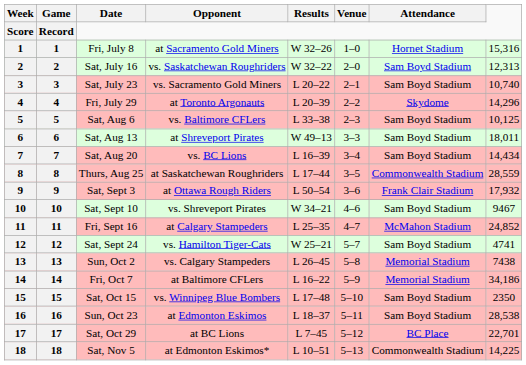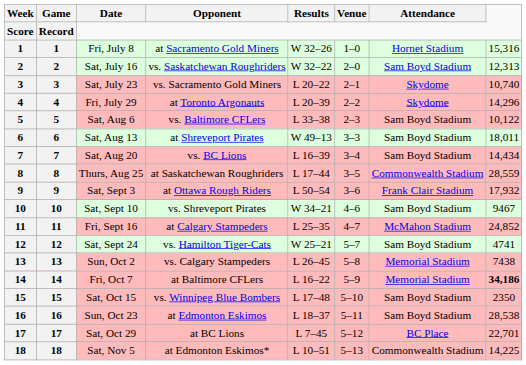 <table class="wikitable" style="text-align:center">
 <tr>
 <th>Week</th>
 <th>Game</th>
 <th>Date</th>
 <th>Opponent</th>
 <th>Results</th>
 <th>Venue</th>
 <th>Attendance</th>
 </tr>
 <tr>
 <th>Score</th>
 <th>Record</th>
 </tr>
 <tr style="background:#ddffdd">
 <th>1</th>
 <th>1</th>
 <td>Fri, July 8</td>
 <td>at <a href='#'>Sacramento Gold Miners</a></td>
 <td>W 32–26</td>
 <td>1–0</td>
 <td><a href='#'>Hornet Stadium</a></td>
 <td>15,316</td>
 </tr>
 <tr style="background:#ddffdd">
 <th>2</th>
 <th>2</th>
 <td>Sat, July 16</td>
 <td>vs. <a href='#'>Saskatchewan Roughriders</a></td>
 <td>W 32–22 </td>
 <td>2–0</td>
 <td><a href='#'>Sam Boyd Stadium</a></td>
 <td>12,313</td>
 </tr>
 <tr style="background:#ffbbbb">
 <th>3</th>
 <th>3</th>
 <td>Sat, July 23</td>
 <td>vs. Sacramento Gold Miners</td>
 <td>L 20–22</td>
 <td>2–1</td>
-<td>Sam Boyd Stadium</td>
+<td><a href='#'>Skydome</a></td>
 <td>10,740</td>
 </tr>
 <tr style="background:#ffbbbb">
 <th>4</th>
 <th>4</th>
 <td>Fri, July 29</td>
 <td>at <a href='#'>Toronto Argonauts</a></td>
 <td>L 20–39</td>
 <td>2–2</td>
 <td><a href='#'>Skydome</a></td>
 <td>14,296</td>
 </tr>
 <tr style="background:#ffbbbb">
 <th>5</th>
 <th>5</th>
 <td>Sat, Aug 6</td>
 <td>vs. <a href='#'>Baltimore CFLers</a></td>
 <td>L 33–38</td>
 <td>2–3</td>
 <td>Sam Boyd Stadium</td>
-<td>10,125</td>
+<td>10,122</td>
 </tr>
 <tr style="background:#ddffdd">
 <th>6</th>
 <th>6</th>
 <td>Sat, Aug 13</td>
 <td>at <a href='#'>Shreveport Pirates</a></td>
 <td>W 49–13</td>
 <td>3–3</td>
 <td>Sam Boyd Stadium</td>
 <td>18,011</td>
 </tr>
 <tr style="background:#ffbbbb">
 <th>7</th>
 <th>7</th>
 <td>Sat, Aug 20</td>
 <td>vs. <a href='#'>BC Lions</a></td>
 <td>L 16–39</td>
 <td>3–4</td>
 <td>Sam Boyd Stadium</td>
 <td>14,434</td>
 </tr>
 <tr style="background:#ffbbbb">
 <th>8</th>
 <th>8</th>
 <td>Thurs, Aug 25</td>
 <td>at Saskatchewan Roughriders</td>
 <td>L 17–44</td>
 <td>3–5</td>
 <td><a href='#'>Commonwealth Stadium</a></td>
 <td>28,559</td>
 </tr>
 <tr style="background:#ffbbbb">
 <th>9</th>
 <th>9</th>
 <td>Sat, Sept 3</td>
 <td>at <a href='#'>Ottawa Rough Riders</a></td>
 <td>L 50–54 </td>
 <td>3–6</td>
 <td><a href='#'>Frank Clair Stadium</a></td>
 <td>17,932</td>
 </tr>
 <tr style="background:#ddffdd">
 <th>10</th>
 <th>10</th>
 <td>Sat, Sept 10</td>
 <td>vs. Shreveport Pirates</td>
 <td>W 34–21</td>
 <td>4–6</td>
 <td>Sam Boyd Stadium</td>
 <td>9467</td>
 </tr>
 <tr style="background:#ffbbbb">
 <th>11</th>
 <th>11</th>
 <td>Fri, Sept 16</td>
 <td>at <a href='#'>Calgary Stampeders</a></td>
 <td>L 25–35</td>
 <td>4–7</td>
 <td><a href='#'>McMahon Stadium</a></td>
 <td>24,852</td>
 </tr>
 <tr style="background:#ddffdd">
 <th>12</th>
 <th>12</th>
 <td>Sat, Sept 24</td>
 <td>vs. <a href='#'>Hamilton Tiger-Cats</a></td>
 <td>W 25–21</td>
 <td>5–7</td>
 <td>Sam Boyd Stadium</td>
 <td>4741</td>
 </tr>
 <tr style="background:#ffbbbb">
 <th>13</th>
 <th>13</th>
 <td>Sun, Oct 2</td>
 <td>vs. Calgary Stampeders</td>
 <td>L 26–45</td>
 <td>5–8</td>
 <td><a href='#'>Memorial Stadium</a></td>
 <td>7438</td>
 </tr>
 <tr style="background:#ffbbbb">
 <th>14</th>
 <th>14</th>
 <td>Fri, Oct 7</td>
 <td>at Baltimore CFLers</td>
 <td>L 16–22</td>
 <td>5–9</td>
 <td><a href='#'>Memorial Stadium</a></td>
-<td>34,186</td>
+<td><strong>34,186</strong></td>
 </tr>
 <tr style="background:#ffbbbb">
 <th>15</th>
 <th>15</th>
 <td>Sat, Oct 15</td>
 <td>vs. <a href='#'>Winnipeg Blue Bombers</a></td>
 <td>L 17–48</td>
 <td>5–10</td>
 <td>Sam Boyd Stadium</td>
 <td>2350</td>
 </tr>
 <tr style="background:#ffbbbb">
 <th>16</th>
 <th>16</th>
 <td>Sun, Oct 23</td>
 <td>at <a href='#'>Edmonton Eskimos</a></td>
 <td>L 18–37</td>
 <td>5–11</td>
 <td>Sam Boyd Stadium</td>
 <td>28,538</td>
 </tr>
 <tr style="background:#ffbbbb">
 <th>17</th>
 <th>17</th>
 <td>Sat, Oct 29</td>
 <td>at BC Lions</td>
 <td>L 7–45</td>
 <td>5–12</td>
 <td><a href='#'>BC Place</a></td>
 <td>22,701</td>
 </tr>
 <tr style="background:#ffbbbb">
 <th>18</th>
 <th>18</th>
 <td>Sat, Nov 5</td>
 <td>at Edmonton Eskimos*</td>
 <td>L 10–51</td>
 <td>5–13</td>
 <td>Commonwealth Stadium</td>
 <td>14,225</td>
 </tr>
 </table>
